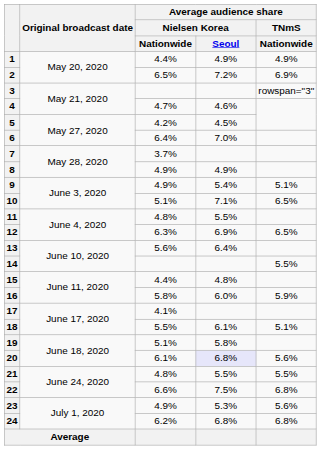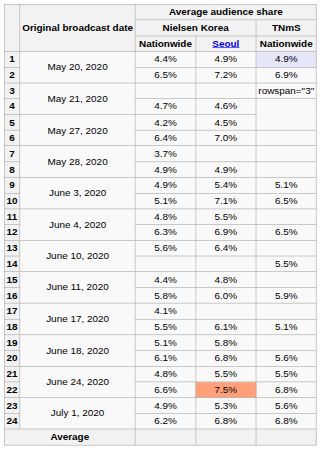 <table class="wikitable" style="text-align:center">
 <tr>
 <th rowspan="3"></th>
 <th rowspan="3">Original broadcast date</th>
 <th colspan="3">Average audience share</th>
 </tr>
 <tr>
 <th colspan="2">Nielsen Korea</th>
 <th>TNmS</th>
 </tr>
 <tr>
 <th width="90">Nationwide</th>
 <th width="90"><a href='#'>Seoul</a></th>
 <th width="90">Nationwide</th>
 </tr>
 <tr>
 <th>1</th>
 <td rowspan="2">May 20, 2020</td>
 <td>4.4%</td>
 <td>4.9%</td>
-<td>4.9%</td>
+<td style="background: lavender;">4.9%</td>
 </tr>
 <tr>
 <th>2</th>
 <td>6.5%</td>
 <td>7.2%</td>
 <td>6.9%</td>
 </tr>
 <tr>
 <th>3</th>
 <td rowspan="2">May 21, 2020</td>
 <td></td>
 <td></td>
 <td>rowspan="3" </td>
 </tr>
 <tr>
 <th>4</th>
 <td>4.7%</td>
 <td>4.6%</td>
 </tr>
 <tr>
 <th>5</th>
 <td rowspan="2">May 27, 2020</td>
 <td>4.2%</td>
 <td>4.5%</td>
 </tr>
 <tr>
 <th>6</th>
 <td>6.4%</td>
 <td>7.0%</td>
 <td></td>
 </tr>
 <tr>
 <th>7</th>
 <td rowspan="2">May 28, 2020</td>
 <td>3.7%</td>
 <td></td>
 <td></td>
 </tr>
 <tr>
 <th>8</th>
 <td>4.9%</td>
 <td>4.9%</td>
 <td></td>
 </tr>
 <tr>
 <th>9</th>
 <td rowspan="2">June 3, 2020</td>
 <td>4.9%</td>
 <td>5.4%</td>
 <td>5.1%</td>
 </tr>
 <tr>
 <th>10</th>
 <td>5.1%</td>
 <td>7.1%</td>
 <td>6.5%</td>
 </tr>
 <tr>
 <th>11</th>
 <td rowspan="2">June 4, 2020</td>
 <td>4.8%</td>
 <td>5.5%</td>
 <td></td>
 </tr>
 <tr>
 <th>12</th>
 <td>6.3%</td>
 <td>6.9%</td>
 <td>6.5%</td>
 </tr>
 <tr>
 <th>13</th>
 <td rowspan="2">June 10, 2020</td>
 <td>5.6%</td>
 <td>6.4%</td>
 <td></td>
 </tr>
 <tr>
 <th>14</th>
 <td></td>
 <td></td>
 <td>5.5%</td>
 </tr>
 <tr>
 <th>15</th>
 <td rowspan="2">June 11, 2020</td>
 <td>4.4%</td>
 <td>4.8%</td>
 <td></td>
 </tr>
 <tr>
 <th>16</th>
 <td>5.8%</td>
 <td>6.0%</td>
 <td>5.9%</td>
 </tr>
 <tr>
 <th>17</th>
 <td rowspan="2">June 17, 2020</td>
 <td>4.1%</td>
 <td></td>
 <td></td>
 </tr>
 <tr>
 <th>18</th>
 <td>5.5%</td>
 <td>6.1%</td>
 <td>5.1%</td>
 </tr>
 <tr>
 <th>19</th>
 <td rowspan="2">June 18, 2020</td>
 <td>5.1%</td>
 <td>5.8%</td>
 <td></td>
 </tr>
 <tr>
 <th>20</th>
 <td>6.1%</td>
-<td style="background: lavender;">6.8%</td>
+<td>6.8%</td>
 <td>5.6%</td>
 </tr>
 <tr>
 <th>21</th>
 <td rowspan="2">June 24, 2020</td>
 <td>4.8%</td>
 <td>5.5%</td>
 <td>5.5%</td>
 </tr>
 <tr>
 <th>22</th>
 <td>6.6%</td>
-<td>7.5%</td>
+<td style="background: lightsalmon;">7.5%</td>
 <td>6.8%</td>
 </tr>
 <tr>
 <th>23</th>
 <td rowspan="2">July 1, 2020</td>
 <td>4.9%</td>
 <td>5.3%</td>
 <td>5.6%</td>
 </tr>
 <tr>
 <th>24</th>
 <td>6.2%</td>
 <td>6.8%</td>
 <td>6.8%</td>
 </tr>
 <tr>
 <th colspan="2">Average</th>
 <th></th>
 <th></th>
 <th></th>
 </tr>
 </table>
